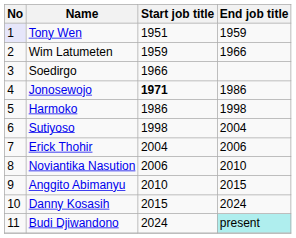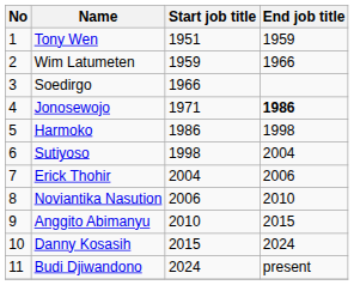 <table class="wikitable">
 <tr>
 <th>No</th>
 <th>Name</th>
 <th>Start job title</th>
 <th>End job title</th>
 </tr>
 <tr>
-<td style="background: lavender;">1</td>
+<td>1</td>
 <td><a href='#'>Tony Wen</a></td>
 <td>1951</td>
 <td>1959</td>
 </tr>
 <tr>
 <td>2</td>
 <td>Wim Latumeten</td>
 <td>1959</td>
 <td>1966</td>
 </tr>
 <tr>
 <td>3</td>
 <td>Soedirgo</td>
 <td>1966</td>
 <td></td>
 </tr>
 <tr>
 <td>4</td>
 <td><a href='#'>Jonosewojo</a></td>
-<td><strong>1971</strong></td>
-<td>1986</td>
+<td>1971</td>
+<td><strong>1986</strong></td>
 </tr>
 <tr>
 <td>5</td>
 <td><a href='#'>Harmoko</a></td>
 <td>1986</td>
 <td>1998</td>
 </tr>
 <tr>
 <td>6</td>
 <td><a href='#'>Sutiyoso</a></td>
 <td>1998</td>
 <td>2004</td>
 </tr>
 <tr>
 <td>7</td>
 <td><a href='#'>Erick Thohir</a></td>
 <td>2004</td>
 <td>2006</td>
 </tr>
 <tr>
 <td>8</td>
 <td><a href='#'>Noviantika Nasution</a></td>
 <td>2006</td>
 <td>2010</td>
 </tr>
 <tr>
 <td>9</td>
 <td><a href='#'>Anggito Abimanyu</a></td>
 <td>2010</td>
 <td>2015</td>
 </tr>
 <tr>
 <td>10</td>
 <td><a href='#'>Danny Kosasih</a></td>
 <td>2015</td>
 <td>2024</td>
 </tr>
 <tr>
 <td>11</td>
 <td><a href='#'>Budi Djiwandono</a></td>
 <td>2024</td>
-<td style="background: paleturquoise;">present</td>
+<td>present</td>
 </tr>
 <tr>
 </tr>
 </table>
